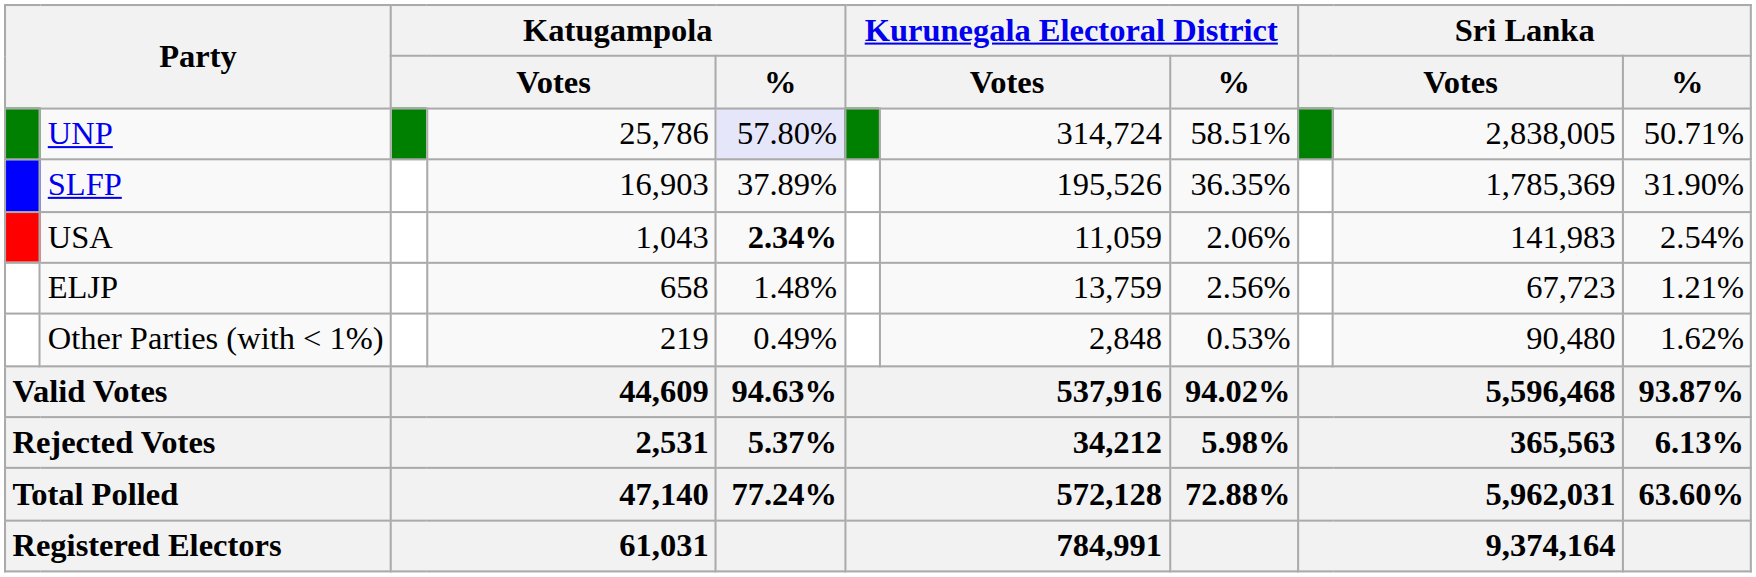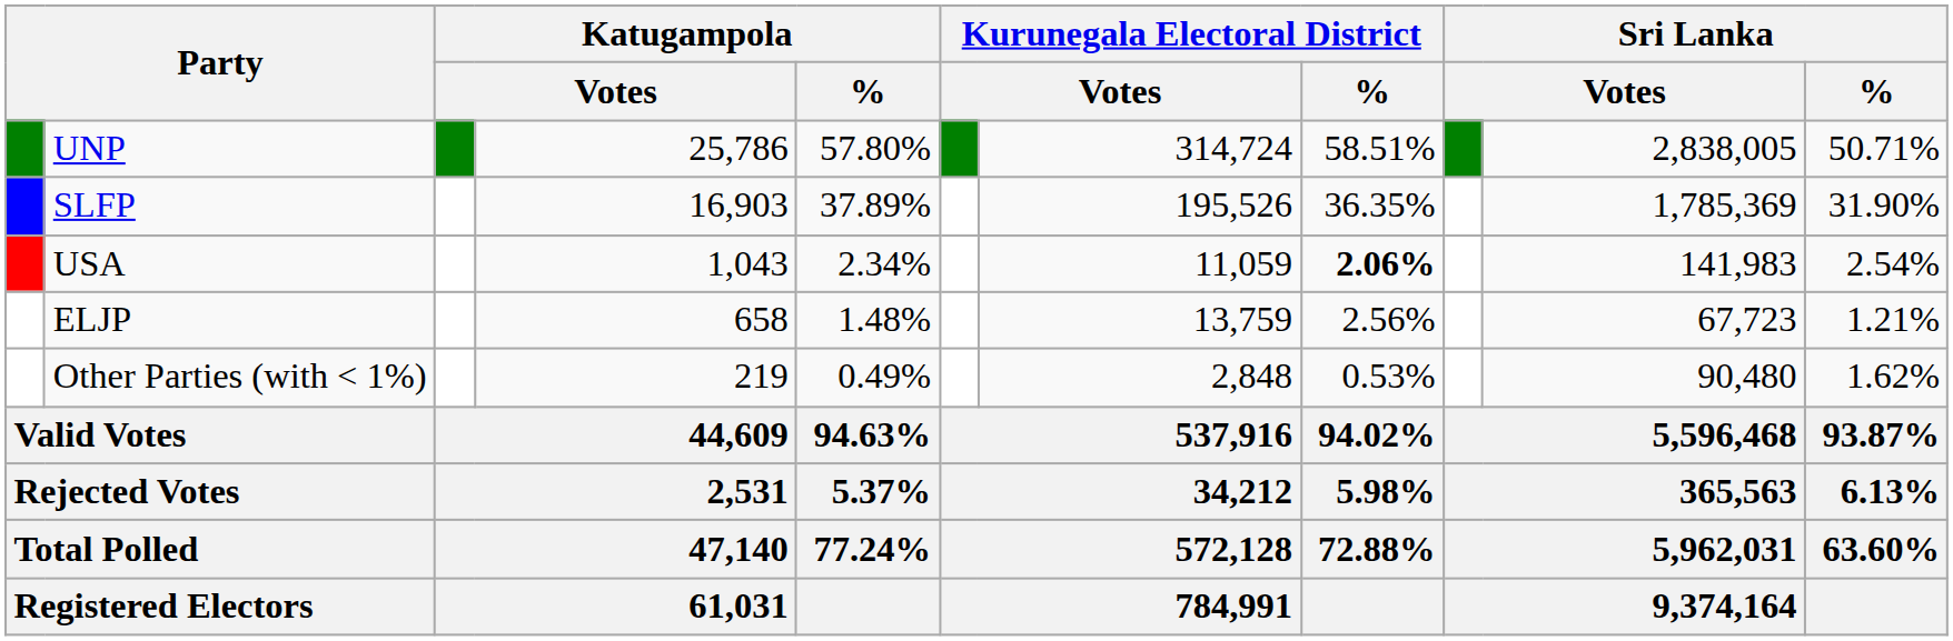 <table class="wikitable">
 <tr>
 <th colspan="2" width="144px"rowspan="2">Party</th>
 <th colspan="3" width="216px">Katugampola</th>
 <th colspan="3" width="216px"><a href='#'>Kurunegala Electoral District</a></th>
 <th colspan="3" width="216px">Sri Lanka</th>
 </tr>
 <tr>
 <th colspan="2" width="144px">Votes</th>
 <th>%</th>
 <th colspan="2" width="144px">Votes</th>
 <th>%</th>
 <th colspan="2" width="144px">Votes</th>
 <th>%</th>
 </tr>
 <tr>
 <td style="background-color:green;" width="10px"></td>
 <td style="text-align:left;"><a href='#'>UNP</a></td>
 <td style="background-color:green;" width="10px"></td>
 <td style="text-align:right;">25,786</td>
-<td style="background: lavender; text-align:right;">57.80%</td>
+<td style="text-align:right;">57.80%</td>
 <td style="background-color:green;" width="10px"></td>
 <td style="text-align:right;">314,724</td>
 <td style="text-align:right;">58.51%</td>
 <td style="background-color:green;" width="10px"></td>
 <td style="text-align:right;">2,838,005</td>
 <td style="text-align:right;">50.71%</td>
 </tr>
 <tr>
 <td style="background-color:blue;" width="10px"></td>
 <td style="text-align:left;"><a href='#'>SLFP</a></td>
 <td style="background-color:white;" width="10px"></td>
 <td style="text-align:right;">16,903</td>
 <td style="text-align:right;">37.89%</td>
 <td style="background-color:white;" width="10px"></td>
 <td style="text-align:right;">195,526</td>
 <td style="text-align:right;">36.35%</td>
 <td style="background-color:white;" width="10px"></td>
 <td style="text-align:right;">1,785,369</td>
 <td style="text-align:right;">31.90%</td>
 </tr>
 <tr>
 <td style="background-color:red;" width="10px"></td>
 <td style="text-align:left;">USA</td>
 <td style="background-color:white;" width="10px"></td>
 <td style="text-align:right;">1,043</td>
-<td style="text-align:right;"><strong>2.34%</strong></td>
+<td style="text-align:right;">2.34%</td>
 <td style="background-color:white;" width="10px"></td>
 <td style="text-align:right;">11,059</td>
-<td style="text-align:right;">2.06%</td>
+<td style="text-align:right;"><strong>2.06%</strong></td>
 <td style="background-color:white;" width="10px"></td>
 <td style="text-align:right;">141,983</td>
 <td style="text-align:right;">2.54%</td>
 </tr>
 <tr>
 <td style="background-color:white;" width="10px"></td>
 <td style="text-align:left;">ELJP</td>
 <td style="background-color:white;" width="10px"></td>
 <td style="text-align:right;">658</td>
 <td style="text-align:right;">1.48%</td>
 <td style="background-color:white;" width="10px"></td>
 <td style="text-align:right;">13,759</td>
 <td style="text-align:right;">2.56%</td>
 <td style="background-color:white;" width="10px"></td>
 <td style="text-align:right;">67,723</td>
 <td style="text-align:right;">1.21%</td>
 </tr>
 <tr>
 <td style="background-color:white;" width="10px"></td>
 <td style="text-align:left;">Other Parties (with < 1%)</td>
 <td style="background-color:white;" width="10px"></td>
 <td style="text-align:right;">219</td>
 <td style="text-align:right;">0.49%</td>
 <td style="background-color:white;" width="10px"></td>
 <td style="text-align:right;">2,848</td>
 <td style="text-align:right;">0.53%</td>
 <td style="background-color:white;" width="10px"></td>
 <td style="text-align:right;">90,480</td>
 <td style="text-align:right;">1.62%</td>
 </tr>
 <tr>
 <th colspan="2" width="144px"style="text-align:left;">Valid Votes</th>
 <th style="text-align:right;"colspan="2" width="144px">44,609</th>
 <th style="text-align:right;">94.63%</th>
 <th style="text-align:right;"colspan="2" width="144px">537,916</th>
 <th style="text-align:right;">94.02%</th>
 <th style="text-align:right;"colspan="2" width="144px">5,596,468</th>
 <th style="text-align:right;">93.87%</th>
 </tr>
 <tr>
 <th colspan="2" width="144px"style="text-align:left;">Rejected Votes</th>
 <th style="text-align:right;"colspan="2" width="144px">2,531</th>
 <th style="text-align:right;">5.37%</th>
 <th style="text-align:right;"colspan="2" width="144px">34,212</th>
 <th style="text-align:right;">5.98%</th>
 <th style="text-align:right;"colspan="2" width="144px">365,563</th>
 <th style="text-align:right;">6.13%</th>
 </tr>
 <tr>
 <th colspan="2" width="144px"style="text-align:left;">Total Polled</th>
 <th style="text-align:right;"colspan="2" width="144px">47,140</th>
 <th style="text-align:right;">77.24%</th>
 <th style="text-align:right;"colspan="2" width="144px">572,128</th>
 <th style="text-align:right;">72.88%</th>
 <th style="text-align:right;"colspan="2" width="144px">5,962,031</th>
 <th style="text-align:right;">63.60%</th>
 </tr>
 <tr>
 <th colspan="2" width="144px"style="text-align:left;">Registered Electors</th>
 <th style="text-align:right;"colspan="2" width="144px">61,031</th>
 <th></th>
 <th style="text-align:right;"colspan="2" width="144px">784,991</th>
 <th></th>
 <th style="text-align:right;"colspan="2" width="144px">9,374,164</th>
 <th></th>
 </tr>
 </table>
